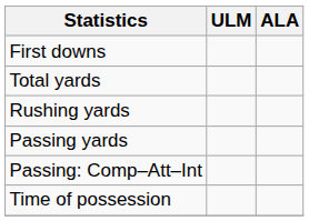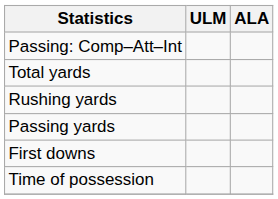 <table class="wikitable" style="float: left;">
 <tr>
 <th>Statistics</th>
 <th>ULM</th>
 <th>ALA</th>
 </tr>
 <tr>
-<td>First downs</td>
+<td>Passing: Comp–Att–Int</td>
 <td></td>
 <td></td>
 </tr>
 <tr>
 <td>Total yards</td>
 <td></td>
 <td></td>
 </tr>
 <tr>
 <td>Rushing yards</td>
 <td></td>
 <td></td>
 </tr>
 <tr>
 <td>Passing yards</td>
 <td></td>
 <td></td>
 </tr>
 <tr>
-<td>Passing: Comp–Att–Int</td>
+<td>First downs</td>
 <td></td>
 <td></td>
 </tr>
 <tr>
 <td>Time of possession</td>
 <td></td>
 <td></td>
 </tr>
 <tr>
 </tr>
 </table>
